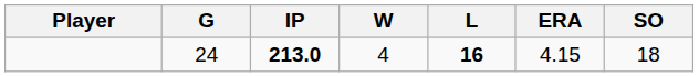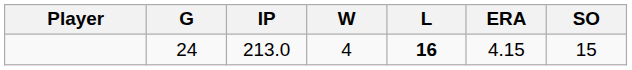 <table class="wikitable sortable">
 <tr>
 <th bgcolor="#DDDDFF" width="16%">Player</th>
 <th bgcolor="#DDDDFF" width="9%">G</th>
 <th bgcolor="#DDDDFF" width="9%">IP</th>
 <th bgcolor="#DDDDFF" width="9%">W</th>
 <th bgcolor="#DDDDFF" width="9%">L</th>
 <th bgcolor="#DDDDFF" width="9%">ERA</th>
 <th bgcolor="#DDDDFF" width="9%">SO</th>
 </tr>
 <tr align="center">
 <td></td>
 <td>24</td>
-<td><strong>213.0</strong></td>
+<td>213.0</td>
 <td>4</td>
 <td><strong>16</strong></td>
 <td>4.15</td>
-<td>18</td>
+<td>15</td>
 </tr>
 </table>
